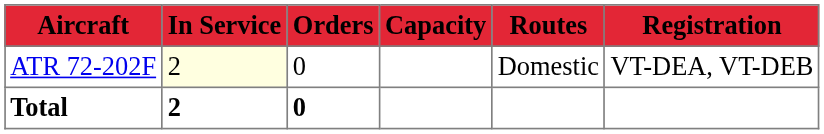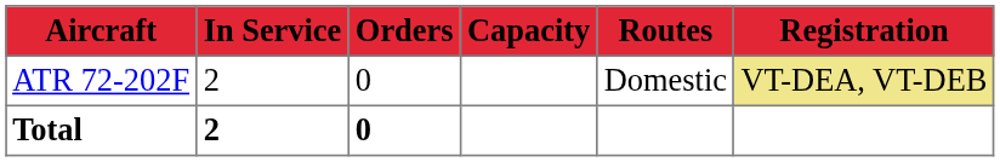 <table class="toccolours" border="1" cellpadding="3" style="margin:1em auto; border-collapse:collapse">
 <tr bgcolor=#E32636>
 <th><span>Aircraft</span></th>
 <th><span>In Service</span></th>
 <th><span>Orders</span></th>
 <th><span>Capacity</span></th>
 <th><span>Routes</span></th>
 <th><span>Registration</span></th>
 </tr>
 <tr>
 <td><a href='#'>ATR 72-202F</a></td>
-<td style="background: lightyellow;">2</td>
+<td>2</td>
 <td>0</td>
 <td></td>
 <td>Domestic</td>
-<td>VT-DEA, VT-DEB</td>
+<td style="background: khaki;">VT-DEA, VT-DEB</td>
 </tr>
 <tr>
 <td><strong>Total</strong></td>
 <td><strong>2</strong></td>
 <td><strong>0</strong></td>
 <td></td>
 <td></td>
 <td colspan=3></td>
 </tr>
 </table>
